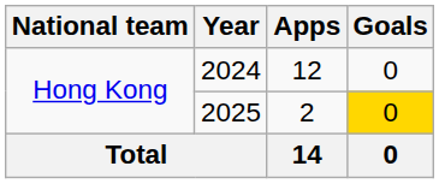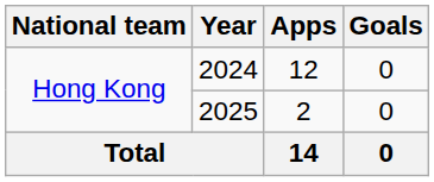 <table class="wikitable" style="text-align:center">
 <tr>
 <th>National team</th>
 <th>Year</th>
 <th>Apps</th>
 <th>Goals</th>
 </tr>
 <tr>
 <td rowspan="2"><a href='#'>Hong Kong</a></td>
 <td>2024</td>
 <td>12</td>
 <td>0</td>
 </tr>
 <tr>
 <td>2025</td>
 <td>2</td>
-<td style="background: gold;">0</td>
+<td>0</td>
 </tr>
 <tr>
 <th colspan="2">Total</th>
 <th>14</th>
 <th>0</th>
 </tr>
 </table>
